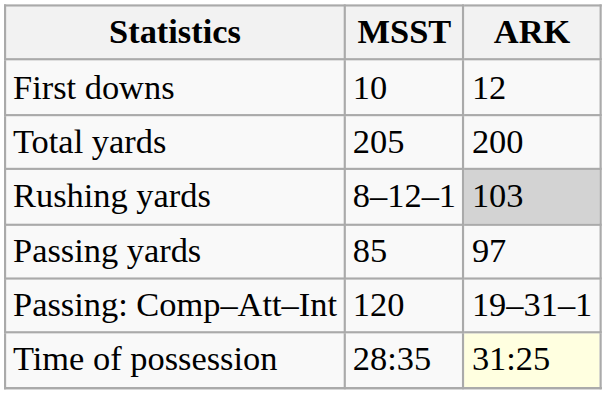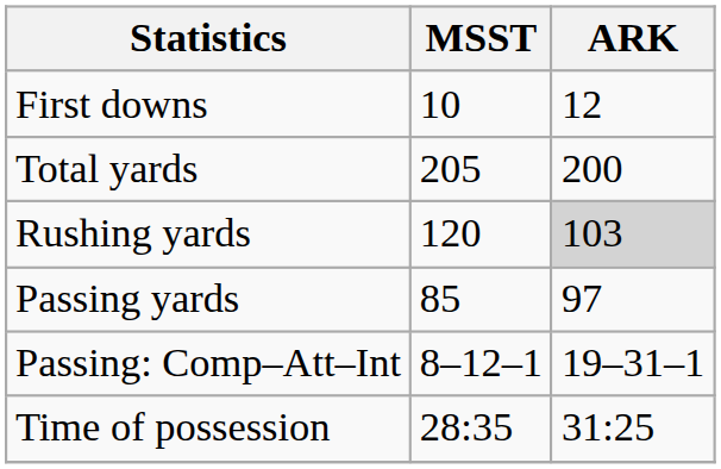 <table class="wikitable" style="float: left;">
 <tr>
 <th>Statistics</th>
 <th>MSST</th>
 <th>ARK</th>
 </tr>
 <tr>
 <td>First downs</td>
 <td>10</td>
 <td>12</td>
 </tr>
 <tr>
 <td>Total yards</td>
 <td>205</td>
 <td>200</td>
 </tr>
 <tr>
 <td>Rushing yards</td>
-<td>8–12–1</td>
+<td>120</td>
 <td style="background: lightgrey;">103</td>
 </tr>
 <tr>
 <td>Passing yards</td>
 <td>85</td>
 <td>97</td>
 </tr>
 <tr>
 <td>Passing: Comp–Att–Int</td>
-<td>120</td>
+<td>8–12–1</td>
 <td>19–31–1</td>
 </tr>
 <tr>
 <td>Time of possession</td>
 <td>28:35</td>
-<td style="background: lightyellow;">31:25</td>
+<td>31:25</td>
 </tr>
 <tr>
 </tr>
 </table>
